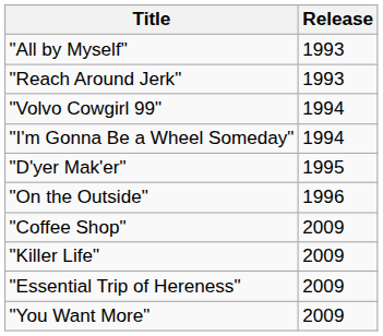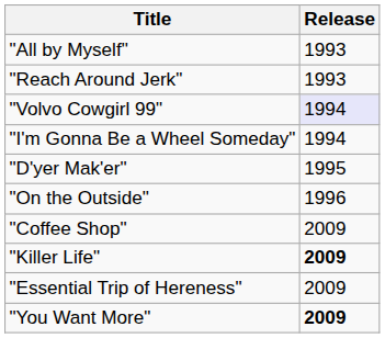 <table class="wikitable">
 <tr>
 <th>Title</th>
 <th>Release</th>
 </tr>
 <tr>
 <td>"All by Myself"</td>
 <td>1993</td>
 </tr>
 <tr>
 <td>"Reach Around Jerk"</td>
 <td>1993</td>
 </tr>
 <tr>
 <td>"Volvo Cowgirl 99"</td>
-<td>1994</td>
+<td style="background: lavender;">1994</td>
 </tr>
 <tr>
 <td>"I'm Gonna Be a Wheel Someday"</td>
 <td>1994</td>
 </tr>
 <tr>
 <td>"D'yer Mak'er"</td>
 <td>1995</td>
 </tr>
 <tr>
 <td>"On the Outside"</td>
 <td>1996</td>
 </tr>
 <tr>
 <td>"Coffee Shop"</td>
 <td>2009</td>
 </tr>
 <tr>
 <td>"Killer Life"</td>
-<td>2009</td>
+<td><strong>2009</strong></td>
 </tr>
 <tr>
 <td>"Essential Trip of Hereness"</td>
 <td>2009</td>
 </tr>
 <tr>
 <td>"You Want More"</td>
-<td>2009</td>
+<td><strong>2009</strong></td>
 </tr>
 </table>
